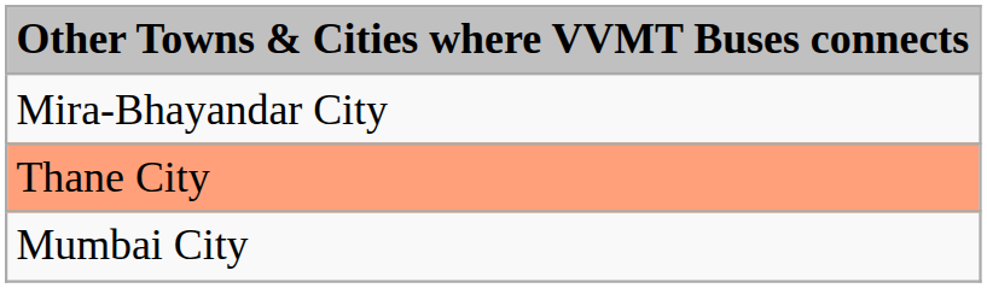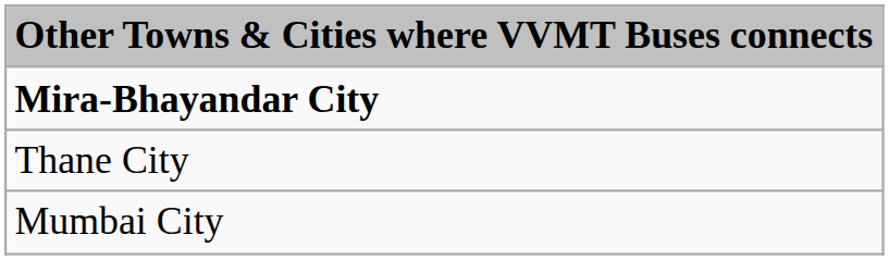 <table class="wikitable" style="border:1px solid black;">
 <tr>
 <td colspan="3" style="background:silver; text-align:center;"><strong>Other Towns & Cities where VVMT Buses connects</strong></td>
 </tr>
 <tr>
-<td valign="top">Mira-Bhayandar City</td>
+<td valign="top"><strong>Mira-Bhayandar City</strong></td>
 </tr>
 <tr>
-<td valign="top" style="background: lightsalmon;">Thane City</td>
+<td valign="top">Thane City</td>
 </tr>
 <tr>
 <td valign="top">Mumbai City</td>
 </tr>
 </table>
